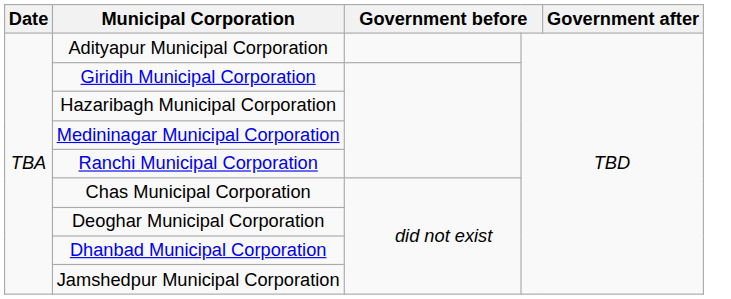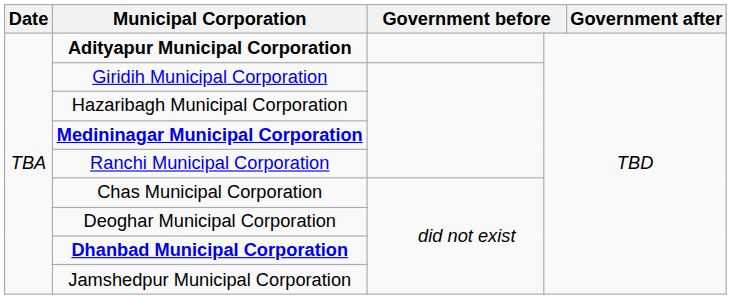 <table class="wikitable sortable"style="text-align:center;">
 <tr>
 <th>Date</th>
 <th>Municipal Corporation</th>
 <th colspan=2>Government before</th>
 <th colspan=2>Government after</th>
 </tr>
 <tr>
 <td rowspan="9"><em>TBA</em></td>
-<td>Adityapur Municipal Corporation</td>
+<td><strong>Adityapur Municipal Corporation</strong></td>
 <td></td>
 <td colspan="2" rowspan="9"><em>TBD</em></td>
 </tr>
 <tr>
 <td><a href='#'>Giridih Municipal Corporation</a></td>
 </tr>
 <tr>
 <td>Hazaribagh Municipal Corporation</td>
 </tr>
 <tr>
-<td><a href='#'>Medininagar Municipal Corporation</a></td>
+<td><strong><a href='#'>Medininagar Municipal Corporation</a></strong></td>
 </tr>
 <tr>
 <td><a href='#'>Ranchi Municipal Corporation</a></td>
 </tr>
 <tr>
 <td>Chas Municipal Corporation</td>
 <td style="text-align:center;" rowspan=4 colspan=2><em>did not exist</em></td>
 </tr>
 <tr>
 <td>Deoghar Municipal Corporation</td>
 </tr>
 <tr>
-<td><a href='#'>Dhanbad Municipal Corporation</a></td>
+<td><strong><a href='#'>Dhanbad Municipal Corporation</a></strong></td>
 </tr>
 <tr>
 <td>Jamshedpur Municipal Corporation</td>
 </tr>
 </table>
